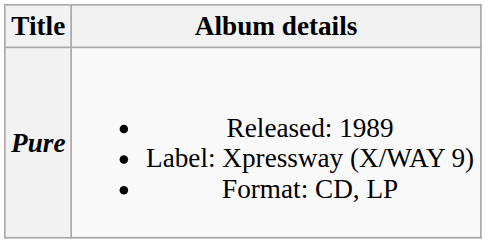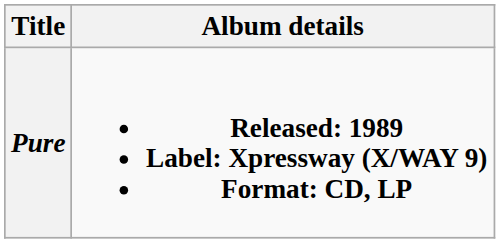 <table class="wikitable plainrowheaders" style="text-align:center;" border="1">
 <tr>
 <th>Title</th>
 <th>Album details</th>
 </tr>
 <tr>
 <th scope="row"><em>Pure</em></th>
-<td><br><ul><li>Released: 1989</li><li>Label: Xpressway	(X/WAY 9)</li><li>Format: CD, LP</li></ul></td>
+<td><strong><br><ul><li>Released: 1989</li><li>Label: Xpressway	(X/WAY 9)</li><li>Format: CD, LP</li></ul></strong></td>
 </tr>
 </table>
